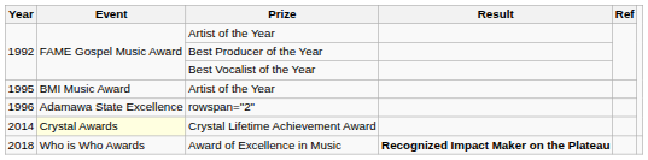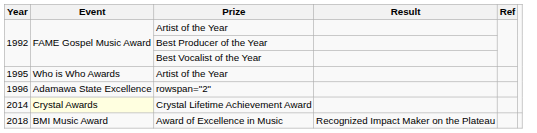 <table class ="wikitable">
 <tr>
 <th>Year</th>
 <th>Event</th>
 <th>Prize</th>
 <th>Result</th>
 <th>Ref</th>
 </tr>
 <tr>
 <td rowspan="3">1992</td>
 <td rowspan="3">FAME Gospel Music Award</td>
 <td>Artist of the Year</td>
 <td></td>
 <td rowspan="3"></td>
 </tr>
 <tr>
 <td>Best Producer of the Year</td>
 <td></td>
 </tr>
 <tr>
 <td>Best Vocalist of the Year</td>
 <td></td>
 </tr>
 <tr>
 <td>1995</td>
-<td>BMI Music Award</td>
+<td>Who is Who Awards</td>
 <td>Artist of the Year</td>
 <td></td>
 <td></td>
 </tr>
 <tr>
 <td>1996</td>
 <td>Adamawa State	Excellence</td>
 <td>rowspan="2"</td>
 <td></td>
 <td></td>
 </tr>
 <tr>
 <td>2014</td>
 <td style="background: lightyellow;">Crystal Awards</td>
 <td>Crystal Lifetime Achievement Award</td>
 <td></td>
 <td></td>
 </tr>
 <tr>
 <td>2018</td>
-<td>Who is Who Awards</td>
+<td>BMI Music Award</td>
 <td>Award of Excellence in Music</td>
-<td><strong>Recognized Impact Maker on the Plateau</strong></td>
+<td>Recognized Impact Maker on the Plateau</td>
 <td></td>
 <td></td>
 </tr>
 </table>
